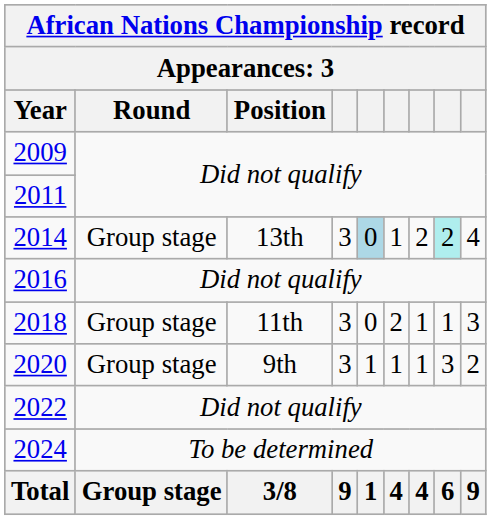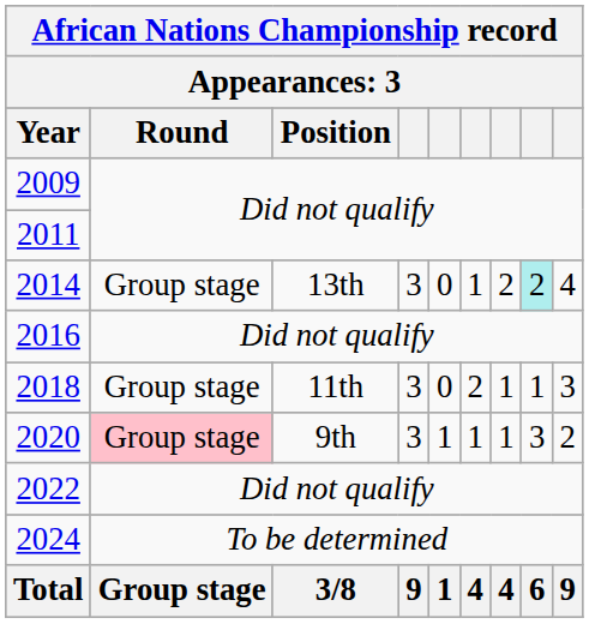 <table class="wikitable" style="text-align: center;">
 <tr>
 <th colspan=9><a href='#'>African Nations Championship</a> record</th>
 </tr>
 <tr>
 <th colspan=9>Appearances: 3</th>
 </tr>
 <tr>
 <th>Year</th>
 <th>Round</th>
 <th>Position</th>
 <th></th>
 <th></th>
 <th></th>
 <th></th>
 <th></th>
 <th></th>
 </tr>
 <tr>
 <td> <a href='#'>2009</a></td>
 <td colspan=8 rowspan=2><em>Did not qualify</em></td>
 </tr>
 <tr>
 <td> <a href='#'>2011</a></td>
 </tr>
 <tr>
 <td> <a href='#'>2014</a></td>
 <td>Group stage</td>
 <td>13th</td>
 <td>3</td>
-<td style="background: lightblue;">0</td>
+<td>0</td>
 <td>1</td>
 <td>2</td>
 <td style="background: paleturquoise;">2</td>
 <td>4</td>
 </tr>
 <tr>
 <td> <a href='#'>2016</a></td>
 <td colspan=8><em>Did not qualify</em></td>
 </tr>
 <tr>
 <td> <a href='#'>2018</a></td>
 <td>Group stage</td>
 <td>11th</td>
 <td>3</td>
 <td>0</td>
 <td>2</td>
 <td>1</td>
 <td>1</td>
 <td>3</td>
 </tr>
 <tr>
 <td> <a href='#'>2020</a></td>
-<td>Group stage</td>
+<td style="background: pink;">Group stage</td>
 <td>9th</td>
 <td>3</td>
 <td>1</td>
 <td>1</td>
 <td>1</td>
 <td>3</td>
 <td>2</td>
 </tr>
 <tr>
 <td> <a href='#'>2022</a></td>
 <td colspan=8><em>Did not qualify</em></td>
 </tr>
 <tr>
 <td> <a href='#'>2024</a></td>
 <td colspan=8><em>To be determined</em></td>
 </tr>
 <tr>
 <th>Total</th>
 <th>Group stage</th>
 <th>3/8</th>
 <th>9</th>
 <th>1</th>
 <th>4</th>
 <th>4</th>
 <th>6</th>
 <th>9</th>
 </tr>
 </table>
